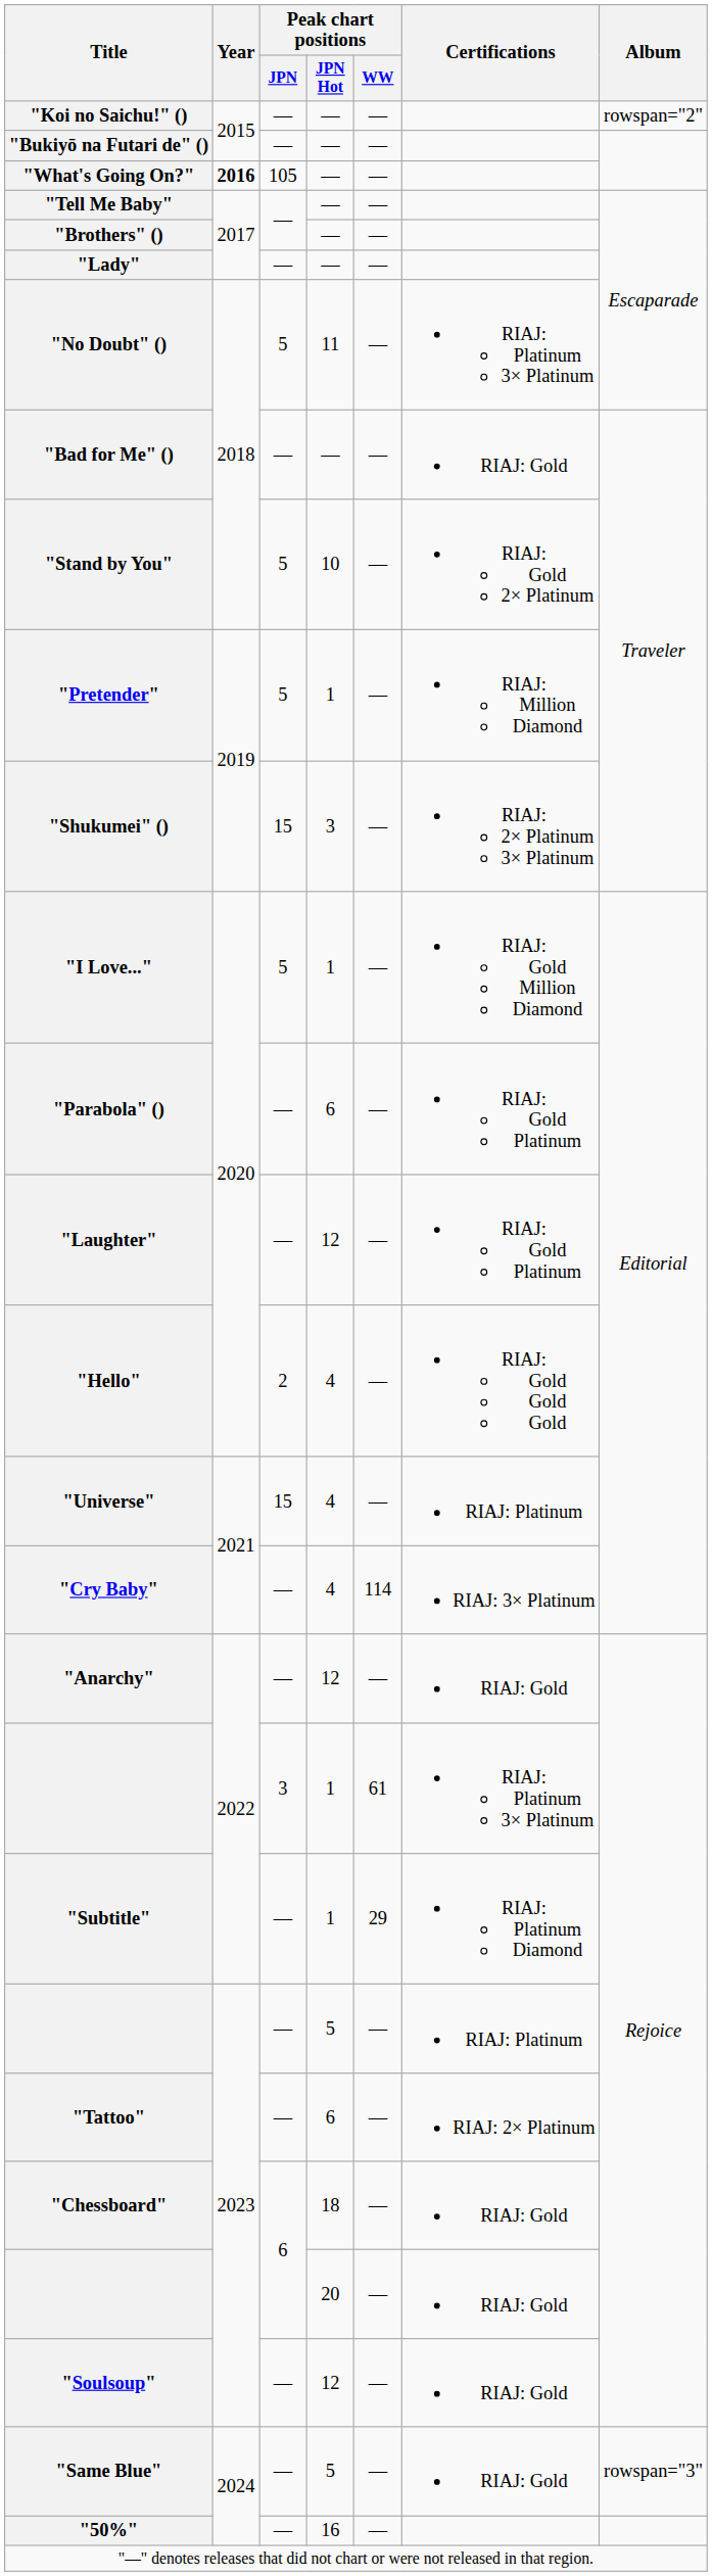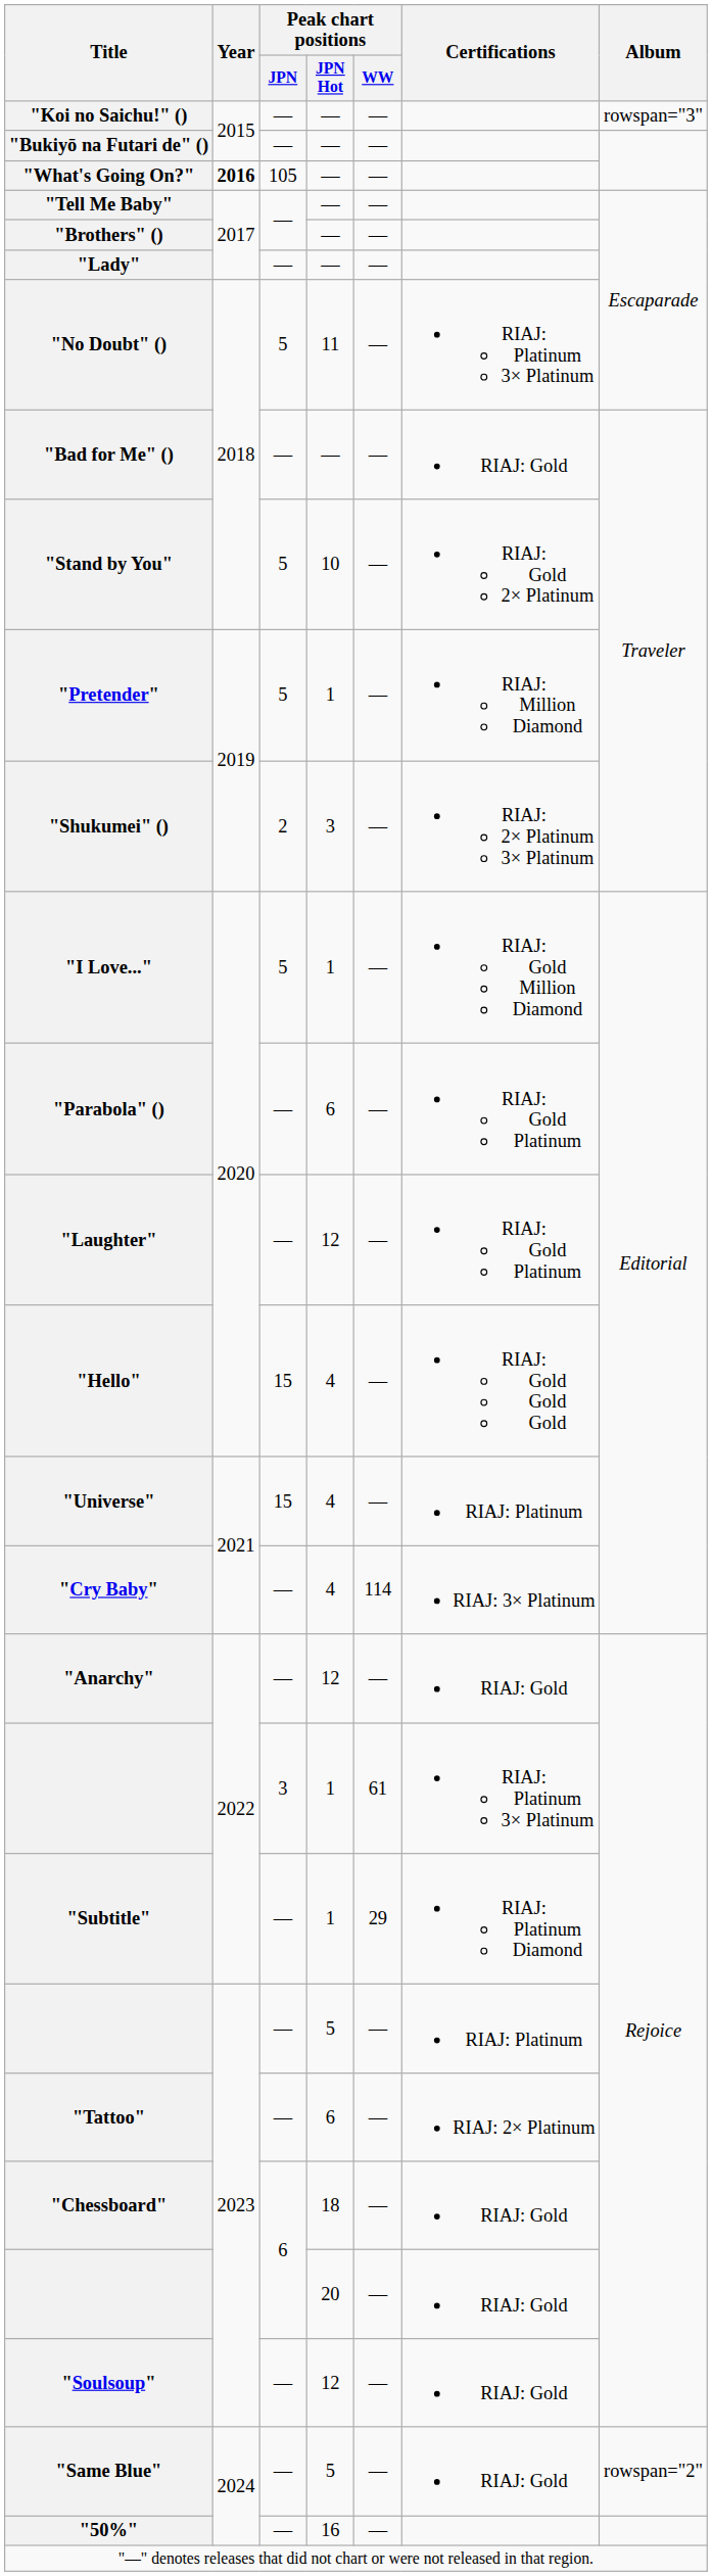 <table class="wikitable plainrowheaders" style="text-align:center;">
 <tr>
 <th scope="col" rowspan="2">Title</th>
 <th scope="col" rowspan="2">Year</th>
 <th scope="col" colspan="3">Peak chart positions</th>
 <th scope="col" rowspan="2">Certifications</th>
 <th scope="col" rowspan="2">Album</th>
 </tr>
 <tr>
 <th scope="col" style="width:2.5em;font-size:85%;"><a href='#'>JPN</a><br></th>
 <th scope="col" style="width:2.5em;font-size:85%;"><a href='#'>JPN<br>Hot</a><br></th>
 <th scope="col" style="width:2.5em;font-size:85%;"><a href='#'>WW</a><br></th>
 </tr>
 <tr>
 <th scope="row">"Koi no Saichu!" ()<br></th>
 <td rowspan="2">2015</td>
 <td>—</td>
 <td>—</td>
 <td>—</td>
 <td></td>
-<td>rowspan="2" </td>
+<td>rowspan="3" </td>
 </tr>
 <tr>
 <th scope="row">"Bukiyō na Futari de" ()<br></th>
 <td>—</td>
 <td>—</td>
 <td>—</td>
 <td></td>
 </tr>
 <tr>
 <th scope="row">"What's Going On?"</th>
 <td><strong>2016</strong></td>
 <td>105</td>
 <td>—</td>
 <td>—</td>
 <td></td>
 </tr>
 <tr>
 <th scope="row">"Tell Me Baby"</th>
 <td rowspan="3">2017</td>
 <td rowspan="2">—</td>
 <td>—</td>
 <td>—</td>
 <td></td>
 <td rowspan="4"><em>Escaparade</em></td>
 </tr>
 <tr>
 <th scope="row">"Brothers" ()</th>
 <td>—</td>
 <td>—</td>
 <td></td>
 </tr>
 <tr>
 <th scope="row">"Lady"</th>
 <td>—</td>
 <td>—</td>
 <td>—</td>
 <td></td>
 </tr>
 <tr>
 <th scope="row">"No Doubt" ()</th>
 <td rowspan="3">2018</td>
 <td>5</td>
 <td>11</td>
 <td>—</td>
 <td><br><ul><li>RIAJ:<ul><li>Platinum </li><li>3× Platinum </li></ul></li></ul></td>
 </tr>
 <tr>
 <th scope="row">"Bad for Me" ()</th>
 <td>—</td>
 <td>—</td>
 <td>—</td>
 <td><br><ul><li>RIAJ: Gold </li></ul></td>
 <td rowspan="4"><em>Traveler</em></td>
 </tr>
 <tr>
 <th scope="row">"Stand by You"</th>
 <td>5</td>
 <td>10</td>
 <td>—</td>
 <td><br><ul><li>RIAJ:<ul><li>Gold </li><li>2× Platinum </li></ul></li></ul></td>
 </tr>
 <tr>
 <th scope="row">"<a href='#'>Pretender</a>"</th>
 <td rowspan="2">2019</td>
 <td>5</td>
 <td>1</td>
 <td>—</td>
 <td><br><ul><li>RIAJ:<ul><li>Million </li><li>Diamond </li></ul></li></ul></td>
 </tr>
 <tr>
 <th scope="row">"Shukumei" ()</th>
-<td>15</td>
+<td>2</td>
 <td>3</td>
 <td>—</td>
 <td><br><ul><li>RIAJ:<ul><li>2× Platinum </li><li>3× Platinum </li></ul></li></ul></td>
 </tr>
 <tr>
 <th scope="row">"I Love..."</th>
 <td rowspan="4">2020</td>
 <td>5</td>
 <td>1</td>
 <td>—</td>
 <td><br><ul><li>RIAJ:<ul><li>Gold </li><li>Million </li><li>Diamond </li></ul></li></ul></td>
 <td rowspan="6"><em>Editorial</em></td>
 </tr>
 <tr>
 <th scope="row">"Parabola" ()</th>
 <td>—</td>
 <td>6</td>
 <td>—</td>
 <td><br><ul><li>RIAJ:<ul><li>Gold </li><li>Platinum </li></ul></li></ul></td>
 </tr>
 <tr>
 <th scope="row">"Laughter"</th>
 <td>—</td>
 <td>12</td>
 <td>—</td>
 <td><br><ul><li>RIAJ:<ul><li>Gold </li><li>Platinum </li></ul></li></ul></td>
 </tr>
 <tr>
 <th scope="row">"Hello"</th>
-<td>2</td>
+<td>15</td>
 <td>4</td>
 <td>—</td>
 <td><br><ul><li>RIAJ:<ul><li>Gold </li><li>Gold </li><li>Gold </li></ul></li></ul></td>
 </tr>
 <tr>
 <th scope="row">"Universe"</th>
 <td rowspan="2">2021</td>
 <td>15</td>
 <td>4</td>
 <td>—</td>
 <td><br><ul><li>RIAJ: Platinum </li></ul></td>
 </tr>
 <tr>
 <th scope="row">"<a href='#'>Cry Baby</a>"</th>
 <td>—</td>
 <td>4</td>
 <td>114</td>
 <td><br><ul><li>RIAJ: 3× Platinum </li></ul></td>
 </tr>
 <tr>
 <th scope="row">"Anarchy"</th>
 <td rowspan="3">2022</td>
 <td>—</td>
 <td>12</td>
 <td>—</td>
 <td><br><ul><li>RIAJ: Gold </li></ul></td>
 <td rowspan="8"><em>Rejoice</em></td>
 </tr>
 <tr>
 <th scope="row"></th>
 <td>3</td>
 <td>1</td>
 <td>61</td>
 <td><br><ul><li>RIAJ:<ul><li>Platinum </li><li>3× Platinum </li></ul></li></ul></td>
 </tr>
 <tr>
 <th scope="row">"Subtitle"</th>
 <td>—</td>
 <td>1</td>
 <td>29</td>
 <td><br><ul><li>RIAJ:<ul><li>Platinum </li><li>Diamond </li></ul></li></ul></td>
 </tr>
 <tr>
 <th scope="row"></th>
 <td rowspan="5">2023</td>
 <td>—</td>
 <td>5</td>
 <td>—</td>
 <td><br><ul><li>RIAJ: Platinum </li></ul></td>
 </tr>
 <tr>
 <th scope="row">"Tattoo"</th>
 <td>—</td>
 <td>6</td>
 <td>—</td>
 <td><br><ul><li>RIAJ: 2× Platinum </li></ul></td>
 </tr>
 <tr>
 <th scope="row">"Chessboard"</th>
 <td rowspan="2">6</td>
 <td>18</td>
 <td>—</td>
 <td><br><ul><li>RIAJ: Gold </li></ul></td>
 </tr>
 <tr>
 <th scope="row"></th>
 <td>20</td>
 <td>—</td>
 <td><br><ul><li>RIAJ: Gold </li></ul></td>
 </tr>
 <tr>
 <th scope="row">"<a href='#'>Soulsoup</a>"</th>
 <td>—</td>
 <td>12</td>
 <td>—</td>
 <td><br><ul><li>RIAJ: Gold </li></ul></td>
 </tr>
 <tr>
 <th scope="row">"Same Blue"</th>
 <td rowspan="2">2024</td>
 <td>—</td>
 <td>5</td>
 <td>—</td>
 <td><br><ul><li>RIAJ: Gold </li></ul></td>
-<td>rowspan="3" </td>
+<td>rowspan="2" </td>
 </tr>
 <tr>
 <th scope="row">"50%"</th>
 <td>—</td>
 <td>16</td>
 <td>—</td>
 <td></td>
 </tr>
 <tr>
 <td colspan="7" style="font-size:85%">"—" denotes releases that did not chart or were not released in that region.</td>
 </tr>
 </table>
